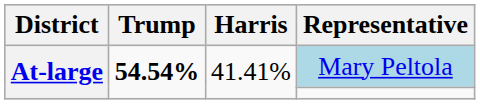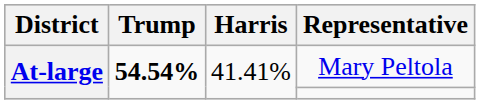 <table class="wikitable">
 <tr>
 <th>District</th>
 <th>Trump</th>
 <th>Harris</th>
 <th>Representative</th>
 </tr>
 <tr align=center>
 <th rowspan=2 ><a href='#'>At-large</a></th>
 <td rowspan=2><strong>54.54%</strong></td>
 <td rowspan=2>41.41%</td>
-<td style="background: lightblue;"><a href='#'>Mary Peltola</a></td>
+<td><a href='#'>Mary Peltola</a></td>
 </tr>
 <tr align=center>
 <td></td>
 </tr>
 </table>
